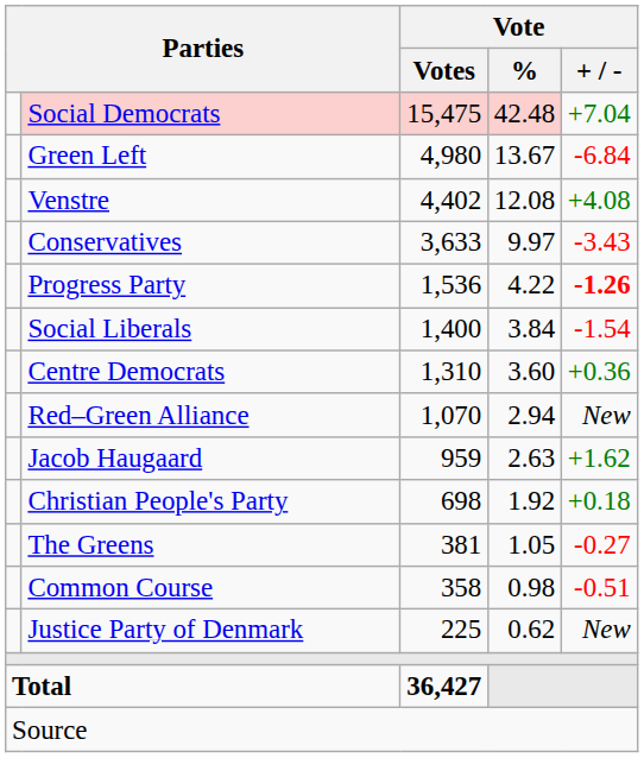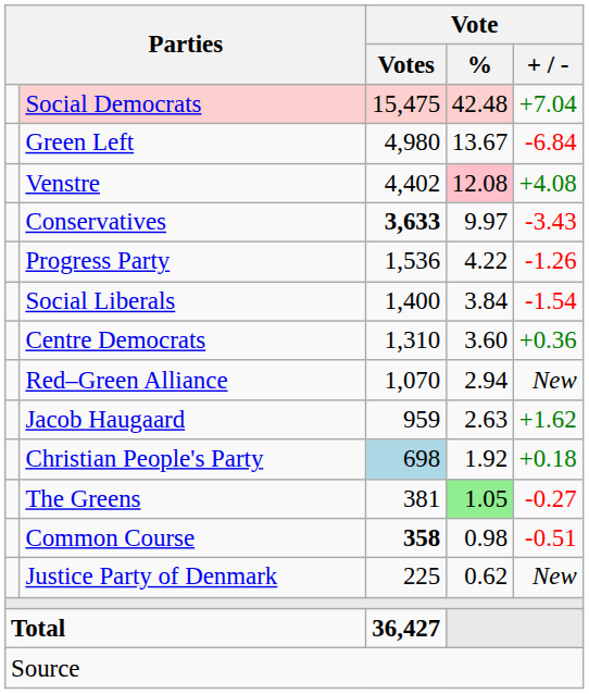 <table class="wikitable" style="text-align:right;">
 <tr>
 <th style="text-align:centre;" rowspan="2" colspan="2" width="225">Parties</th>
 <th colspan="3">Vote</th>
 </tr>
 <tr>
 <th width="15">Votes</th>
 <th width="15">%</th>
 <th width="15">+ / -</th>
 </tr>
 <tr>
 <td width="2" style="color:inherit;background:"></td>
 <td bgcolor=#fbd0ce  align="left"><a href='#'>Social Democrats</a></td>
 <td bgcolor=#fbd0ce>15,475</td>
 <td bgcolor=#fbd0ce>42.48</td>
 <td style=color:green;>+7.04</td>
 </tr>
 <tr>
 <td width="2" style="color:inherit;background:"></td>
 <td align="left"><a href='#'>Green Left</a></td>
 <td>4,980</td>
 <td>13.67</td>
 <td style=color:red;>-6.84</td>
 </tr>
 <tr>
 <td width="2" style="color:inherit;background:"></td>
 <td align="left"><a href='#'>Venstre</a></td>
 <td>4,402</td>
-<td>12.08</td>
+<td style="background: pink;">12.08</td>
 <td style=color:green;>+4.08</td>
 </tr>
 <tr>
 <td width="2" style="color:inherit;background:"></td>
 <td align="left"><a href='#'>Conservatives</a></td>
-<td>3,633</td>
+<td><strong>3,633</strong></td>
 <td>9.97</td>
 <td style=color:red;>-3.43</td>
 </tr>
 <tr>
 <td width="2" style="color:inherit;background:"></td>
 <td align="left"><a href='#'>Progress Party</a></td>
 <td>1,536</td>
 <td>4.22</td>
-<td style=color:red;><strong>-1.26</strong></td>
+<td style=color:red;>-1.26</td>
 </tr>
 <tr>
 <td width="2" style="color:inherit;background:"></td>
 <td align="left"><a href='#'>Social Liberals</a></td>
 <td>1,400</td>
 <td>3.84</td>
 <td style=color:red;>-1.54</td>
 </tr>
 <tr>
 <td width="2" style="color:inherit;background:"></td>
 <td align="left"><a href='#'>Centre Democrats</a></td>
 <td>1,310</td>
 <td>3.60</td>
 <td style=color:green;>+0.36</td>
 </tr>
 <tr>
 <td width="2" style="color:inherit;background:"></td>
 <td align="left"><a href='#'>Red–Green Alliance</a></td>
 <td>1,070</td>
 <td>2.94</td>
 <td><em>New</em></td>
 </tr>
 <tr>
 <td width="2" style="color:inherit;background:"></td>
 <td align="left"><a href='#'>Jacob Haugaard</a></td>
 <td>959</td>
 <td>2.63</td>
 <td style=color:green;>+1.62</td>
 </tr>
 <tr>
 <td width="2" style="color:inherit;background:"></td>
 <td align="left"><a href='#'>Christian People's Party</a></td>
-<td>698</td>
+<td style="background: lightblue;">698</td>
 <td>1.92</td>
 <td style=color:green;>+0.18</td>
 </tr>
 <tr>
 <td width="2" style="color:inherit;background:"></td>
 <td align="left"><a href='#'>The Greens</a></td>
 <td>381</td>
-<td>1.05</td>
+<td style="background: lightgreen;">1.05</td>
 <td style=color:red;>-0.27</td>
 </tr>
 <tr>
 <td width="2" style="color:inherit;background:"></td>
 <td align="left"><a href='#'>Common Course</a></td>
-<td>358</td>
+<td><strong>358</strong></td>
 <td>0.98</td>
 <td style=color:red;>-0.51</td>
 </tr>
 <tr>
 <td width="2" style="color:inherit;background:"></td>
 <td align="left"><a href='#'>Justice Party of Denmark</a></td>
 <td>225</td>
 <td>0.62</td>
 <td><em>New</em></td>
 </tr>
 <tr>
 <td colspan="7" bgcolor="#E9E9E9"></td>
 </tr>
 <tr>
 <td align="left" colspan="2"><strong>Total</strong></td>
 <td><strong>36,427</strong></td>
 <td bgcolor="#E9E9E9" colspan="2"></td>
 </tr>
 <tr>
 <td align="left" colspan="6">Source</td>
 </tr>
 </table>
